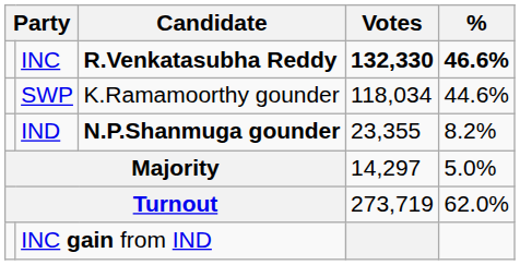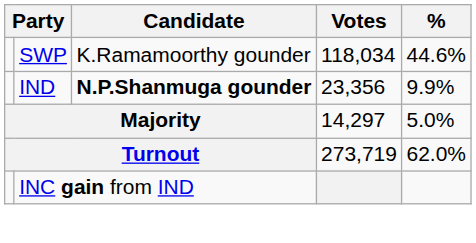 <table class="wikitable">
 <tr>
 <th colspan="2">Party</th>
 <th>Candidate</th>
 <th>Votes</th>
 <th>%</th>
-</tr>
-<tr>
-<td></td>
-<td><a href='#'>INC</a></td>
-<td><strong>R.Venkatasubha Reddy</strong></td>
-<td><strong>132,330</strong></td>
-<td><strong>46.6%</strong></td>
 </tr>
 <tr>
 <td></td>
 <td><a href='#'>SWP</a></td>
 <td>K.Ramamoorthy gounder</td>
 <td>118,034</td>
 <td>44.6%</td>
 </tr>
 <tr>
 <td></td>
 <td><a href='#'>IND</a></td>
 <td><strong>N.P.Shanmuga gounder</strong></td>
-<td>23,355</td>
-<td>8.2%</td>
+<td>23,356</td>
+<td>9.9%</td>
 </tr>
 <tr>
 <th colspan="3">Majority</th>
 <td>14,297</td>
 <td>5.0%</td>
 </tr>
 <tr>
 <th colspan="3"><a href='#'>Turnout</a></th>
 <td>273,719</td>
 <td>62.0%</td>
 </tr>
 <tr>
 <td></td>
 <td colspan="2"><a href='#'>INC</a> <strong>gain</strong> from <a href='#'>IND</a></td>
 <th></th>
 <td></td>
 </tr>
 </table>
